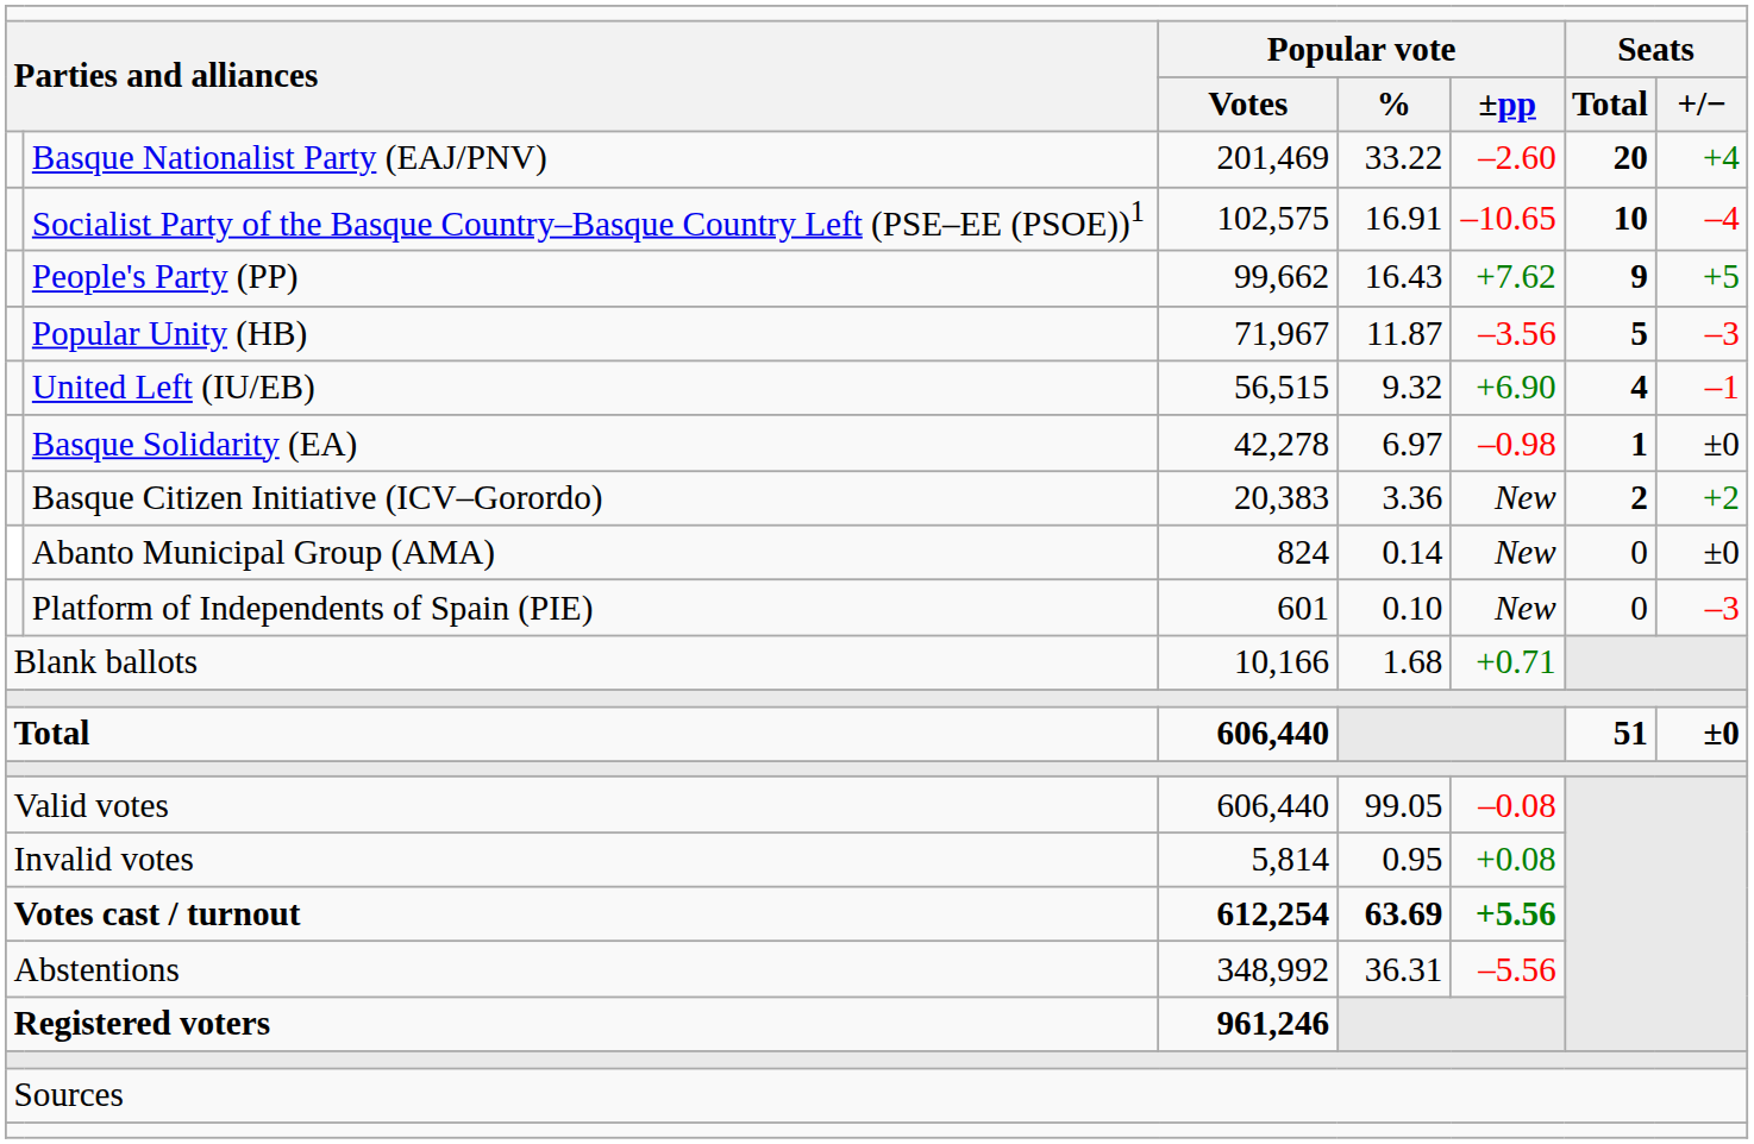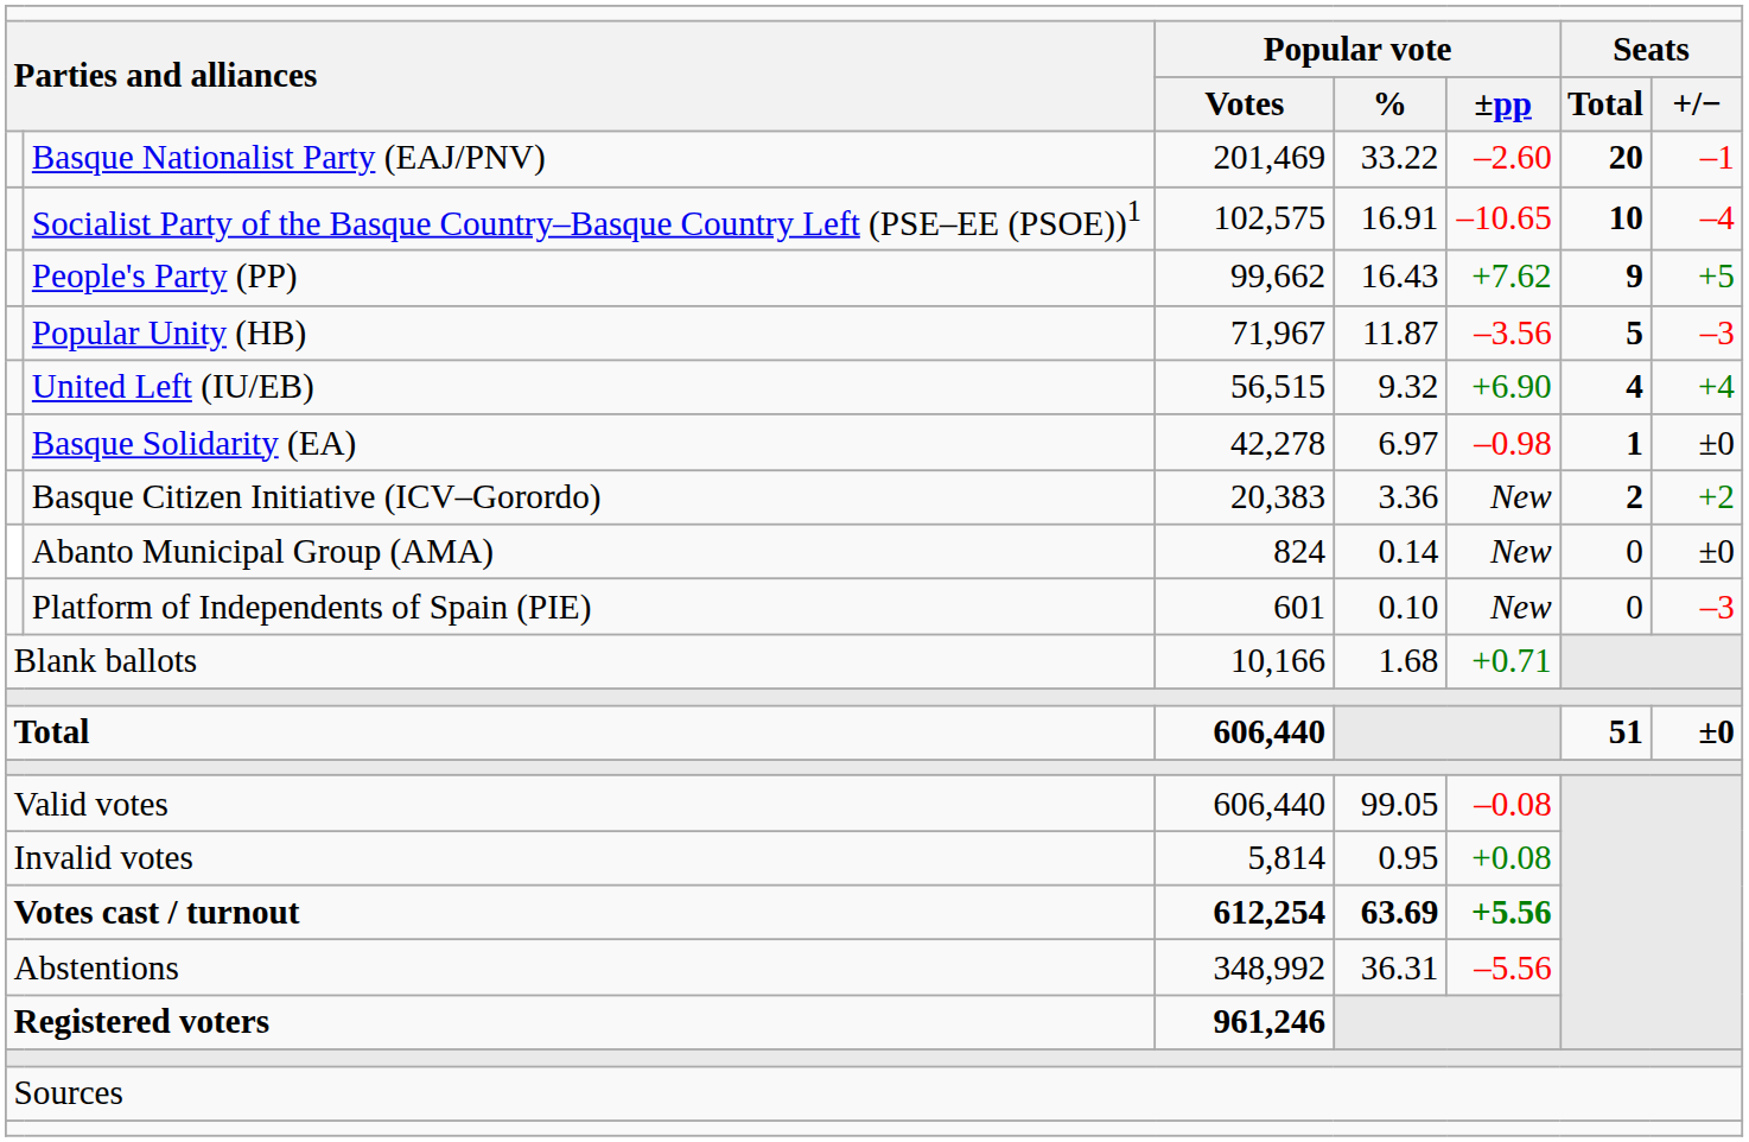 <table class="wikitable" style="text-align:right;">
 <tr>
 <td colspan="7"></td>
 </tr>
 <tr>
 <th style="text-align:left;" rowspan="2" colspan="2" width="525">Parties and alliances</th>
 <th colspan="3">Popular vote</th>
 <th colspan="2">Seats</th>
 </tr>
 <tr>
 <th width="75">Votes</th>
 <th width="45">%</th>
 <th width="45">±<a href='#'>pp</a></th>
 <th width="35">Total</th>
 <th width="35">+/−</th>
 </tr>
 <tr>
 <td width="1" style="color:inherit;background:"></td>
 <td align="left"><a href='#'>Basque Nationalist Party</a> (EAJ/PNV)</td>
 <td>201,469</td>
 <td>33.22</td>
 <td style="color:red;">–2.60</td>
 <td><strong>20</strong></td>
-<td style="color:green;">+4</td>
+<td style="color:red;">–1</td>
 </tr>
 <tr>
 <td style="color:inherit;background:"></td>
 <td align="left"><a href='#'>Socialist Party of the Basque Country–Basque Country Left</a> (PSE–EE (PSOE))<sup>1</sup></td>
 <td>102,575</td>
 <td>16.91</td>
 <td style="color:red;">–10.65</td>
 <td><strong>10</strong></td>
 <td style="color:red;">–4</td>
 </tr>
 <tr>
 <td style="color:inherit;background:"></td>
 <td align="left"><a href='#'>People's Party</a> (PP)</td>
 <td>99,662</td>
 <td>16.43</td>
 <td style="color:green;">+7.62</td>
 <td><strong>9</strong></td>
 <td style="color:green;">+5</td>
 </tr>
 <tr>
 <td style="color:inherit;background:"></td>
 <td align="left"><a href='#'>Popular Unity</a> (HB)</td>
 <td>71,967</td>
 <td>11.87</td>
 <td style="color:red;">–3.56</td>
 <td><strong>5</strong></td>
 <td style="color:red;">–3</td>
 </tr>
 <tr>
 <td style="color:inherit;background:"></td>
 <td align="left"><a href='#'>United Left</a> (IU/EB)</td>
 <td>56,515</td>
 <td>9.32</td>
 <td style="color:green;">+6.90</td>
 <td><strong>4</strong></td>
-<td style="color:red;">–1</td>
+<td style="color:green;">+4</td>
 </tr>
 <tr>
 <td style="color:inherit;background:"></td>
 <td align="left"><a href='#'>Basque Solidarity</a> (EA)</td>
 <td>42,278</td>
 <td>6.97</td>
 <td style="color:red;">–0.98</td>
 <td><strong>1</strong></td>
 <td>±0</td>
 </tr>
 <tr>
 <td style="color:inherit;background:"></td>
 <td align="left">Basque Citizen Initiative (ICV–Gorordo)</td>
 <td>20,383</td>
 <td>3.36</td>
 <td><em>New</em></td>
 <td><strong>2</strong></td>
 <td style="color:green;">+2</td>
 </tr>
 <tr>
 <td bgcolor="white"></td>
 <td align="left">Abanto Municipal Group (AMA)</td>
 <td>824</td>
 <td>0.14</td>
 <td><em>New</em></td>
 <td>0</td>
 <td>±0</td>
 </tr>
 <tr>
 <td style="color:inherit;background:"></td>
 <td align="left">Platform of Independents of Spain (PIE)</td>
 <td>601</td>
 <td>0.10</td>
 <td><em>New</em></td>
 <td>0</td>
 <td style="color:red;">–3</td>
 </tr>
 <tr>
 <td align="left" colspan="2">Blank ballots</td>
 <td>10,166</td>
 <td>1.68</td>
 <td style="color:green;">+0.71</td>
 <td bgcolor="#E9E9E9" colspan="2"></td>
 </tr>
 <tr>
 <td colspan="7" bgcolor="#E9E9E9"></td>
 </tr>
 <tr style="font-weight:bold;">
 <td align="left" colspan="2">Total</td>
 <td>606,440</td>
 <td bgcolor="#E9E9E9" colspan="2"></td>
 <td>51</td>
 <td>±0</td>
 </tr>
 <tr>
 <td colspan="7" bgcolor="#E9E9E9"></td>
 </tr>
 <tr>
 <td align="left" colspan="2">Valid votes</td>
 <td>606,440</td>
 <td>99.05</td>
 <td style="color:red;">–0.08</td>
 <td bgcolor="#E9E9E9" colspan="2" rowspan="5"></td>
 </tr>
 <tr>
 <td align="left" colspan="2">Invalid votes</td>
 <td>5,814</td>
 <td>0.95</td>
 <td style="color:green;">+0.08</td>
 </tr>
 <tr style="font-weight:bold;">
 <td align="left" colspan="2">Votes cast / turnout</td>
 <td>612,254</td>
 <td>63.69</td>
 <td style="color:green;">+5.56</td>
 </tr>
 <tr>
 <td align="left" colspan="2">Abstentions</td>
 <td>348,992</td>
 <td>36.31</td>
 <td style="color:red;">–5.56</td>
 </tr>
 <tr style="font-weight:bold;">
 <td align="left" colspan="2">Registered voters</td>
 <td>961,246</td>
 <td bgcolor="#E9E9E9" colspan="2"></td>
 </tr>
 <tr>
 <td colspan="7" bgcolor="#E9E9E9"></td>
 </tr>
 <tr>
 <td align="left" colspan="7">Sources</td>
 </tr>
 <tr>
 <td colspan="7" style="text-align:left; max-width:790px;"></td>
 </tr>
 </table>
